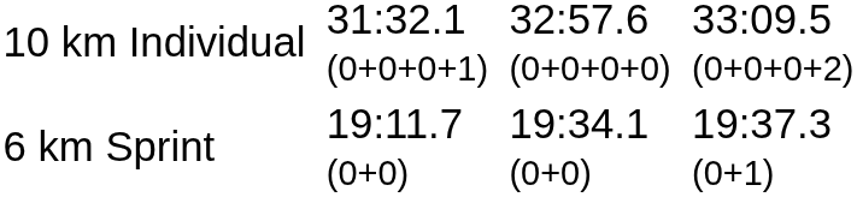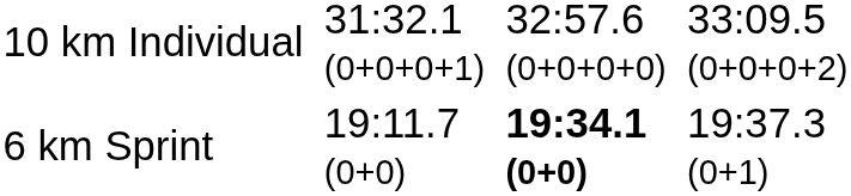 <table>
 <tr>
 <td>10 km Individual</td>
 <td></td>
 <td>31:32.1<br><small>(0+0+0+1)</small></td>
 <td></td>
 <td>32:57.6<br><small>(0+0+0+0)</small></td>
 <td></td>
 <td>33:09.5<br><small>(0+0+0+2)</small></td>
 </tr>
 <tr>
 <td>6 km Sprint</td>
 <td></td>
 <td>19:11.7<br><small>(0+0)</small></td>
 <td></td>
-<td>19:34.1<br><small>(0+0)</small></td>
+<td><strong>19:34.1<br><small>(0+0)</small></strong></td>
 <td></td>
 <td>19:37.3<br><small>(0+1)</small></td>
 </tr>
 </table>
